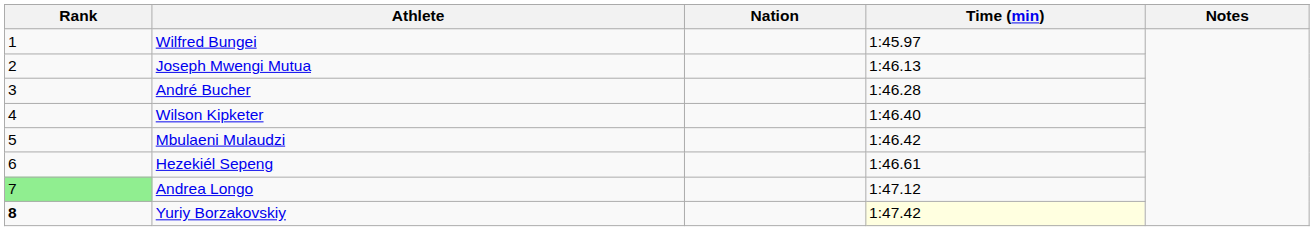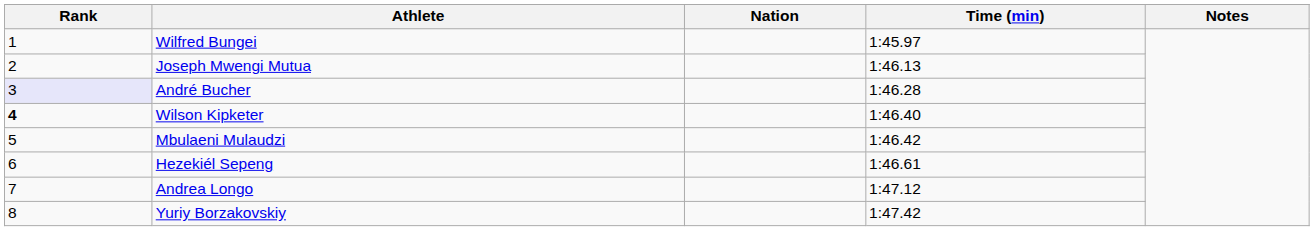 <table class="wikitable" width=85%>
 <tr>
 </tr>
 <tr>
 <th>Rank</th>
 <th>Athlete</th>
 <th>Nation</th>
 <th>Time (<a href='#'>min</a>)</th>
 <th>Notes</th>
 </tr>
 <tr>
 <td>1</td>
 <td><a href='#'>Wilfred Bungei</a></td>
 <td></td>
 <td>1:45.97</td>
 </tr>
 <tr>
 <td>2</td>
 <td><a href='#'>Joseph Mwengi Mutua</a></td>
 <td></td>
 <td>1:46.13</td>
 </tr>
 <tr>
-<td>3</td>
+<td style="background: lavender;">3</td>
 <td><a href='#'>André Bucher</a></td>
 <td></td>
 <td>1:46.28</td>
 </tr>
 <tr>
-<td>4</td>
+<td><strong>4</strong></td>
 <td><a href='#'>Wilson Kipketer</a></td>
 <td></td>
 <td>1:46.40</td>
 </tr>
 <tr>
 <td>5</td>
 <td><a href='#'>Mbulaeni Mulaudzi</a></td>
 <td></td>
 <td>1:46.42</td>
 </tr>
 <tr>
 <td>6</td>
 <td><a href='#'>Hezekiél Sepeng</a></td>
 <td></td>
 <td>1:46.61</td>
 </tr>
 <tr>
-<td style="background: lightgreen;">7</td>
+<td>7</td>
 <td><a href='#'>Andrea Longo</a></td>
 <td></td>
 <td>1:47.12</td>
 </tr>
 <tr>
-<td><strong>8</strong></td>
+<td>8</td>
 <td><a href='#'>Yuriy Borzakovskiy</a></td>
 <td></td>
-<td style="background: lightyellow;">1:47.42</td>
+<td>1:47.42</td>
 </tr>
 </table>
